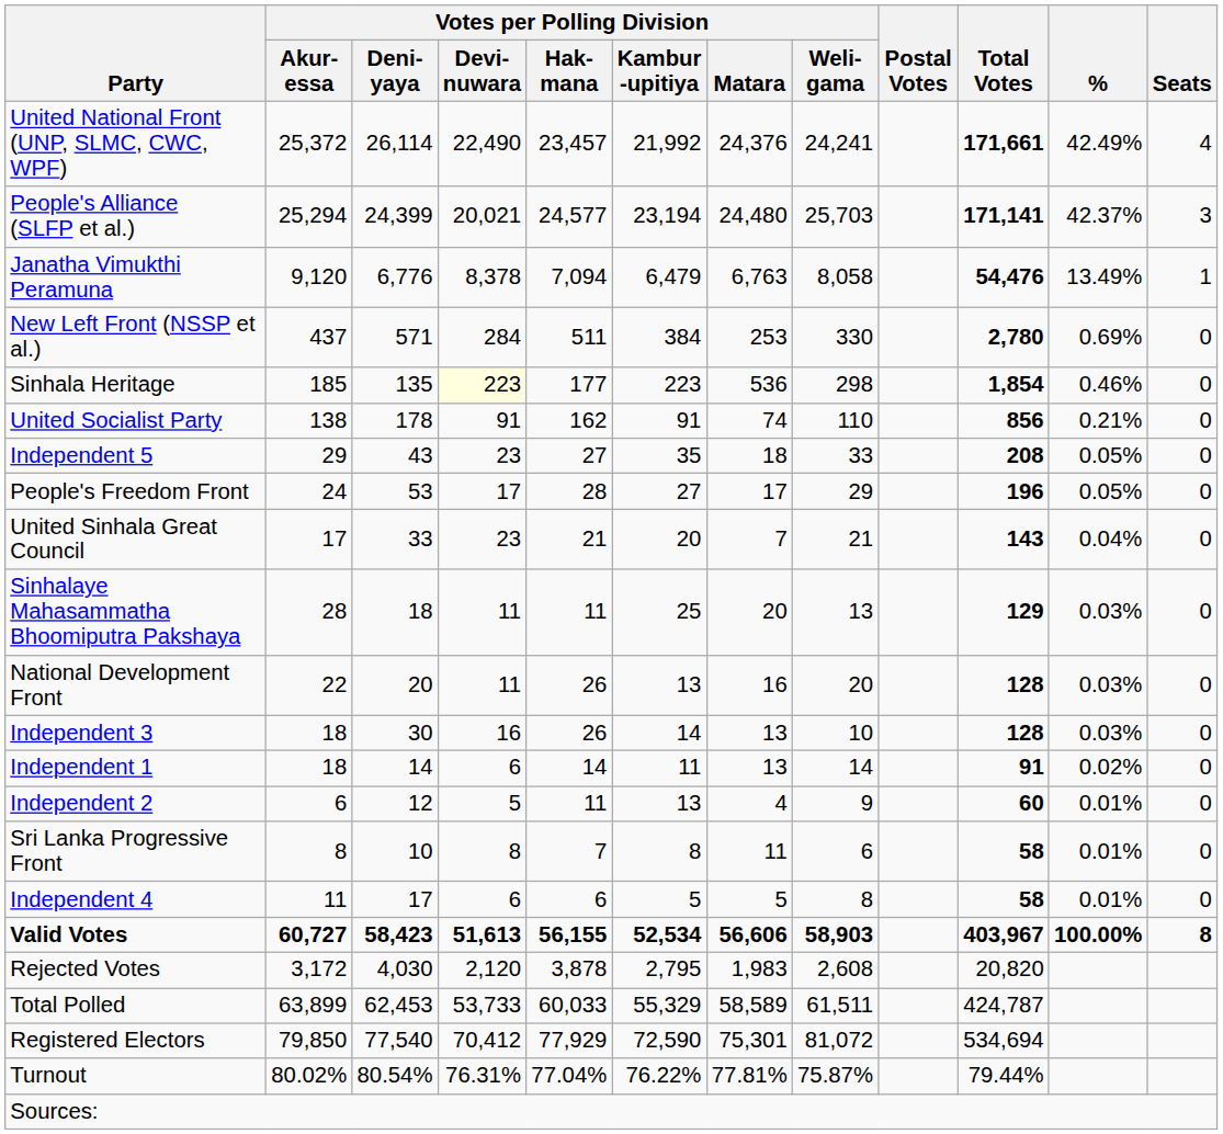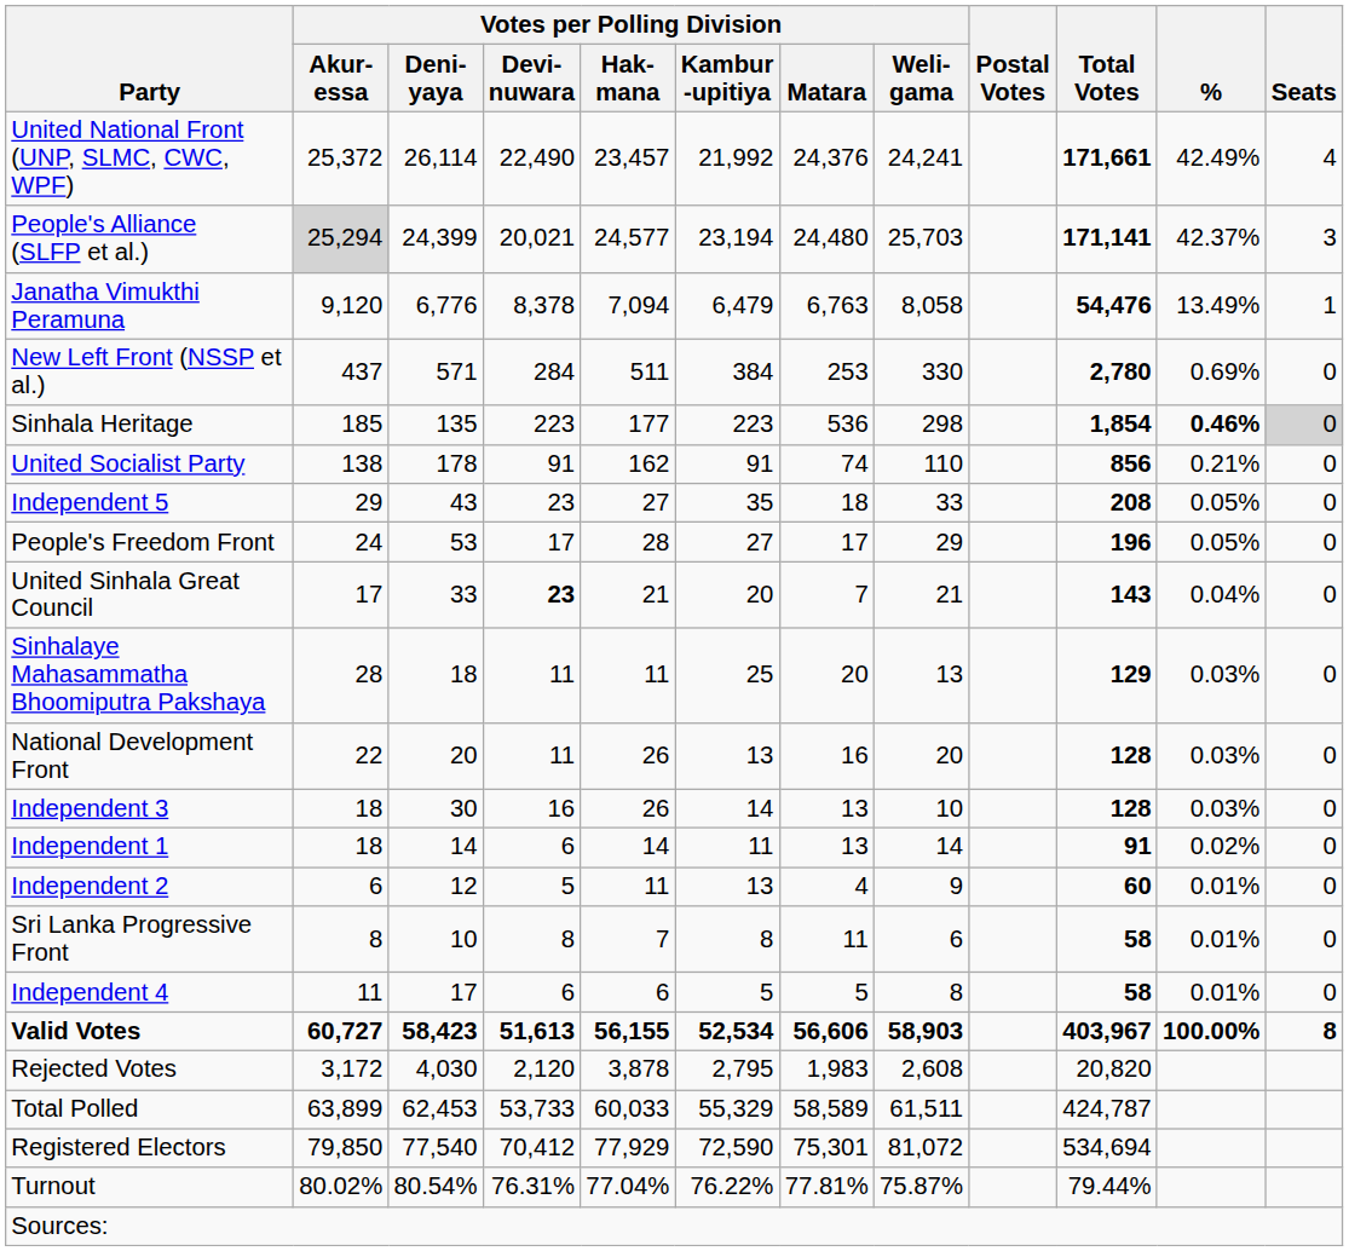 <table class="wikitable" border="1" style="text-align:right;">
 <tr>
 <th align=left valign=bottom rowspan=2 width="180">Party</th>
 <th colspan=7>Votes per Polling Division</th>
 <th align=center valign=bottom rowspan=2 width="50">Postal<br>Votes</th>
 <th align=center valign=bottom rowspan=2 width="50">Total Votes</th>
 <th align=center valign=bottom rowspan=2 width="50">%</th>
 <th align=center valign=bottom rowspan=2 width="40">Seats</th>
 </tr>
 <tr>
 <th align=center valign=bottom width="50">Akur-<br>essa</th>
 <th align=center valign=bottom width="50">Deni-<br>yaya</th>
 <th align=center valign=bottom width="50">Devi-<br>nuwara</th>
 <th align=center valign=bottom width="50">Hak-<br>mana</th>
 <th align=center valign=bottom width="50">Kambur<br>-upitiya</th>
 <th align=center valign=bottom width="50">Matara</th>
 <th align=center valign=bottom width="50">Weli-<br>gama</th>
 </tr>
 <tr>
 <td align=left><a href='#'>United National Front</a><br>(<a href='#'>UNP</a>, <a href='#'>SLMC</a>, <a href='#'>CWC</a>, <a href='#'>WPF</a>)</td>
 <td>25,372</td>
 <td>26,114</td>
 <td>22,490</td>
 <td>23,457</td>
 <td>21,992</td>
 <td>24,376</td>
 <td>24,241</td>
 <td></td>
 <td><strong>171,661</strong></td>
 <td>42.49%</td>
 <td>4</td>
 </tr>
 <tr>
 <td align=left><a href='#'>People's Alliance</a><br>(<a href='#'>SLFP</a> et al.)</td>
-<td>25,294</td>
+<td style="background: lightgrey;">25,294</td>
 <td>24,399</td>
 <td>20,021</td>
 <td>24,577</td>
 <td>23,194</td>
 <td>24,480</td>
 <td>25,703</td>
 <td></td>
 <td><strong>171,141</strong></td>
 <td>42.37%</td>
 <td>3</td>
 </tr>
 <tr>
 <td align=left><a href='#'>Janatha Vimukthi Peramuna</a></td>
 <td>9,120</td>
 <td>6,776</td>
 <td>8,378</td>
 <td>7,094</td>
 <td>6,479</td>
 <td>6,763</td>
 <td>8,058</td>
 <td></td>
 <td><strong>54,476</strong></td>
 <td>13.49%</td>
 <td>1</td>
 </tr>
 <tr>
 <td align=left><a href='#'>New Left Front</a> (<a href='#'>NSSP</a> et al.)</td>
 <td>437</td>
 <td>571</td>
 <td>284</td>
 <td>511</td>
 <td>384</td>
 <td>253</td>
 <td>330</td>
 <td></td>
 <td><strong>2,780</strong></td>
 <td>0.69%</td>
 <td>0</td>
 </tr>
 <tr>
 <td align=left>Sinhala Heritage</td>
 <td>185</td>
 <td>135</td>
-<td style="background: lightyellow;">223</td>
+<td>223</td>
 <td>177</td>
 <td>223</td>
 <td>536</td>
 <td>298</td>
 <td></td>
 <td><strong>1,854</strong></td>
-<td>0.46%</td>
-<td>0</td>
+<td><strong>0.46%</strong></td>
+<td style="background: lightgrey;">0</td>
 </tr>
 <tr>
 <td align=left><a href='#'>United Socialist Party</a></td>
 <td>138</td>
 <td>178</td>
 <td>91</td>
 <td>162</td>
 <td>91</td>
 <td>74</td>
 <td>110</td>
 <td></td>
 <td><strong>856</strong></td>
 <td>0.21%</td>
 <td>0</td>
 </tr>
 <tr>
 <td align=left><a href='#'>Independent 5</a></td>
 <td>29</td>
 <td>43</td>
 <td>23</td>
 <td>27</td>
 <td>35</td>
 <td>18</td>
 <td>33</td>
 <td></td>
 <td><strong>208</strong></td>
 <td>0.05%</td>
 <td>0</td>
 </tr>
 <tr>
 <td align=left>People's Freedom Front</td>
 <td>24</td>
 <td>53</td>
 <td>17</td>
 <td>28</td>
 <td>27</td>
 <td>17</td>
 <td>29</td>
 <td></td>
 <td><strong>196</strong></td>
 <td>0.05%</td>
 <td>0</td>
 </tr>
 <tr>
 <td align=left>United Sinhala Great Council</td>
 <td>17</td>
 <td>33</td>
-<td>23</td>
+<td><strong>23</strong></td>
 <td>21</td>
 <td>20</td>
 <td>7</td>
 <td>21</td>
 <td></td>
 <td><strong>143</strong></td>
 <td>0.04%</td>
 <td>0</td>
 </tr>
 <tr>
 <td align=left><a href='#'>Sinhalaye Mahasammatha Bhoomiputra Pakshaya</a></td>
 <td>28</td>
 <td>18</td>
 <td>11</td>
 <td>11</td>
 <td>25</td>
 <td>20</td>
 <td>13</td>
 <td></td>
 <td><strong>129</strong></td>
 <td>0.03%</td>
 <td>0</td>
 </tr>
 <tr>
 <td align=left>National Development Front</td>
 <td>22</td>
 <td>20</td>
 <td>11</td>
 <td>26</td>
 <td>13</td>
 <td>16</td>
 <td>20</td>
 <td></td>
 <td><strong>128</strong></td>
 <td>0.03%</td>
 <td>0</td>
 </tr>
 <tr>
 <td align=left><a href='#'>Independent 3</a></td>
 <td>18</td>
 <td>30</td>
 <td>16</td>
 <td>26</td>
 <td>14</td>
 <td>13</td>
 <td>10</td>
 <td></td>
 <td><strong>128</strong></td>
 <td>0.03%</td>
 <td>0</td>
 </tr>
 <tr>
 <td align=left><a href='#'>Independent 1</a></td>
 <td>18</td>
 <td>14</td>
 <td>6</td>
 <td>14</td>
 <td>11</td>
 <td>13</td>
 <td>14</td>
 <td></td>
 <td><strong>91</strong></td>
 <td>0.02%</td>
 <td>0</td>
 </tr>
 <tr>
 <td align=left><a href='#'>Independent 2</a></td>
 <td>6</td>
 <td>12</td>
 <td>5</td>
 <td>11</td>
 <td>13</td>
 <td>4</td>
 <td>9</td>
 <td></td>
 <td><strong>60</strong></td>
 <td>0.01%</td>
 <td>0</td>
 </tr>
 <tr>
 <td align=left>Sri Lanka Progressive Front</td>
 <td>8</td>
 <td>10</td>
 <td>8</td>
 <td>7</td>
 <td>8</td>
 <td>11</td>
 <td>6</td>
 <td></td>
 <td><strong>58</strong></td>
 <td>0.01%</td>
 <td>0</td>
 </tr>
 <tr>
 <td align=left><a href='#'>Independent 4</a></td>
 <td>11</td>
 <td>17</td>
 <td>6</td>
 <td>6</td>
 <td>5</td>
 <td>5</td>
 <td>8</td>
 <td></td>
 <td><strong>58</strong></td>
 <td>0.01%</td>
 <td>0</td>
 </tr>
 <tr>
 <td align=left><strong>Valid Votes</strong></td>
 <td><strong>60,727</strong></td>
 <td><strong>58,423</strong></td>
 <td><strong>51,613</strong></td>
 <td><strong>56,155</strong></td>
 <td><strong>52,534</strong></td>
 <td><strong>56,606</strong></td>
 <td><strong>58,903</strong></td>
 <td></td>
 <td><strong>403,967</strong></td>
 <td><strong>100.00%</strong></td>
 <td><strong>8</strong></td>
 </tr>
 <tr>
 <td align=left>Rejected Votes</td>
 <td>3,172</td>
 <td>4,030</td>
 <td>2,120</td>
 <td>3,878</td>
 <td>2,795</td>
 <td>1,983</td>
 <td>2,608</td>
 <td></td>
 <td>20,820</td>
 <td></td>
 <td></td>
 </tr>
 <tr>
 <td align=left>Total Polled</td>
 <td>63,899</td>
 <td>62,453</td>
 <td>53,733</td>
 <td>60,033</td>
 <td>55,329</td>
 <td>58,589</td>
 <td>61,511</td>
 <td></td>
 <td>424,787</td>
 <td></td>
 <td></td>
 </tr>
 <tr>
 <td align=left>Registered Electors</td>
 <td>79,850</td>
 <td>77,540</td>
 <td>70,412</td>
 <td>77,929</td>
 <td>72,590</td>
 <td>75,301</td>
 <td>81,072</td>
 <td></td>
 <td>534,694</td>
 <td></td>
 <td></td>
 </tr>
 <tr>
 <td align=left>Turnout</td>
 <td>80.02%</td>
 <td>80.54%</td>
 <td>76.31%</td>
 <td>77.04%</td>
 <td>76.22%</td>
 <td>77.81%</td>
 <td>75.87%</td>
 <td></td>
 <td>79.44%</td>
 <td></td>
 <td></td>
 </tr>
 <tr>
 <td align=left colspan=13>Sources:</td>
 </tr>
 </table>
